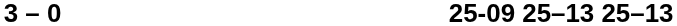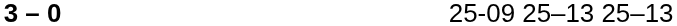 <table width=100% cellspacing=1>
 <tr>
 <th width=20%></th>
 <th width=12%></th>
 <th width=20%></th>
 <th width=33%></th>
 <td></td>
 </tr>
 <tr style=font-size:90%>
 <td align=right><strong></strong></td>
 <td align=center><strong>3 – 0</strong></td>
 <td></td>
-<td><strong>25-09 25–13 25–13</strong></td>
+<td>25-09 25–13 25–13</td>
 </tr>
 </table>
